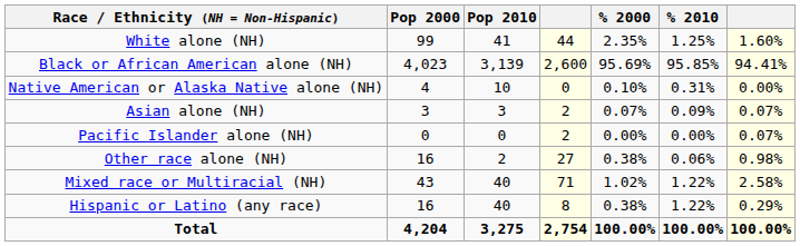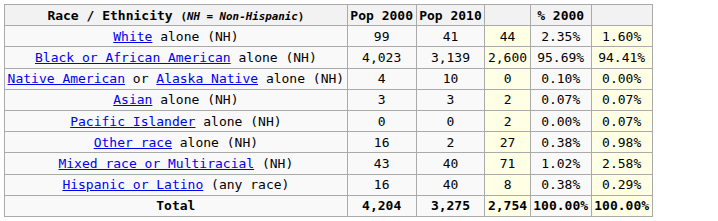 <table class="wikitable" style="text-align:center;">
 <tr>
 <th>Race / Ethnicity <small>(<em>NH = Non-Hispanic</em>)</small></th>
 <th>Pop 2000</th>
 <th>Pop 2010</th>
 <th></th>
 <th>% 2000</th>
-<th>% 2010</th>
 <th></th>
 </tr>
 <tr>
 <td><a href='#'>White</a> alone (NH)</td>
 <td>99</td>
 <td>41</td>
 <td style='background: #ffffe6;'>44</td>
 <td>2.35%</td>
-<td>1.25%</td>
 <td style='background: #ffffe6;'>1.60%</td>
 </tr>
 <tr>
 <td><a href='#'>Black or African American</a> alone (NH)</td>
 <td>4,023</td>
 <td>3,139</td>
 <td style='background: #ffffe6;'>2,600</td>
 <td>95.69%</td>
-<td>95.85%</td>
 <td style='background: #ffffe6;'>94.41%</td>
 </tr>
 <tr>
 <td><a href='#'>Native American</a> or <a href='#'>Alaska Native</a> alone (NH)</td>
 <td>4</td>
 <td>10</td>
 <td style='background: #ffffe6;'>0</td>
 <td>0.10%</td>
-<td>0.31%</td>
 <td style='background: #ffffe6;'>0.00%</td>
 </tr>
 <tr>
 <td><a href='#'>Asian</a> alone (NH)</td>
 <td>3</td>
 <td>3</td>
 <td style='background: #ffffe6;'>2</td>
 <td>0.07%</td>
-<td>0.09%</td>
 <td style='background: #ffffe6;'>0.07%</td>
 </tr>
 <tr>
 <td><a href='#'>Pacific Islander</a> alone (NH)</td>
 <td>0</td>
 <td>0</td>
 <td style='background: #ffffe6;'>2</td>
-<td>0.00%</td>
 <td>0.00%</td>
 <td style='background: #ffffe6;'>0.07%</td>
 </tr>
 <tr>
 <td><a href='#'>Other race</a> alone (NH)</td>
 <td>16</td>
 <td>2</td>
 <td style='background: #ffffe6;'>27</td>
 <td>0.38%</td>
-<td>0.06%</td>
 <td style='background: #ffffe6;'>0.98%</td>
 </tr>
 <tr>
 <td><a href='#'>Mixed race or Multiracial</a> (NH)</td>
 <td>43</td>
 <td>40</td>
 <td style='background: #ffffe6;'>71</td>
 <td>1.02%</td>
-<td>1.22%</td>
 <td style='background: #ffffe6;'>2.58%</td>
 </tr>
 <tr>
 <td><a href='#'>Hispanic or Latino</a> (any race)</td>
 <td>16</td>
 <td>40</td>
 <td style='background: #ffffe6;'>8</td>
 <td>0.38%</td>
-<td>1.22%</td>
 <td style='background: #ffffe6;'>0.29%</td>
 </tr>
 <tr>
 <td><strong>Total</strong></td>
 <td><strong>4,204</strong></td>
 <td><strong>3,275</strong></td>
 <td style='background: #ffffe6;'><strong>2,754</strong></td>
 <td><strong>100.00%</strong></td>
-<td><strong>100.00%</strong></td>
 <td style='background: #ffffe6;'><strong>100.00%</strong></td>
 </tr>
 </table>
